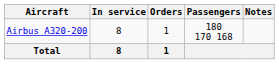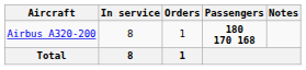 <table class="wikitable" style="margin:0.5em auto;text-align:center">
 <tr>
 <th>Aircraft</th>
 <th>In service</th>
 <th>Orders</th>
 <th>Passengers</th>
 <th>Notes</th>
 </tr>
 <tr>
 <td><a href='#'>Airbus A320-200</a></td>
 <td>8</td>
 <td>1</td>
-<td>180<br>170 168</td>
+<td><strong>180<br>170 168</strong></td>
 <td></td>
 </tr>
 <tr>
 <th>Total</th>
 <th>8</th>
 <th>1</th>
 <th colspan="2"></th>
 </tr>
 </table>
